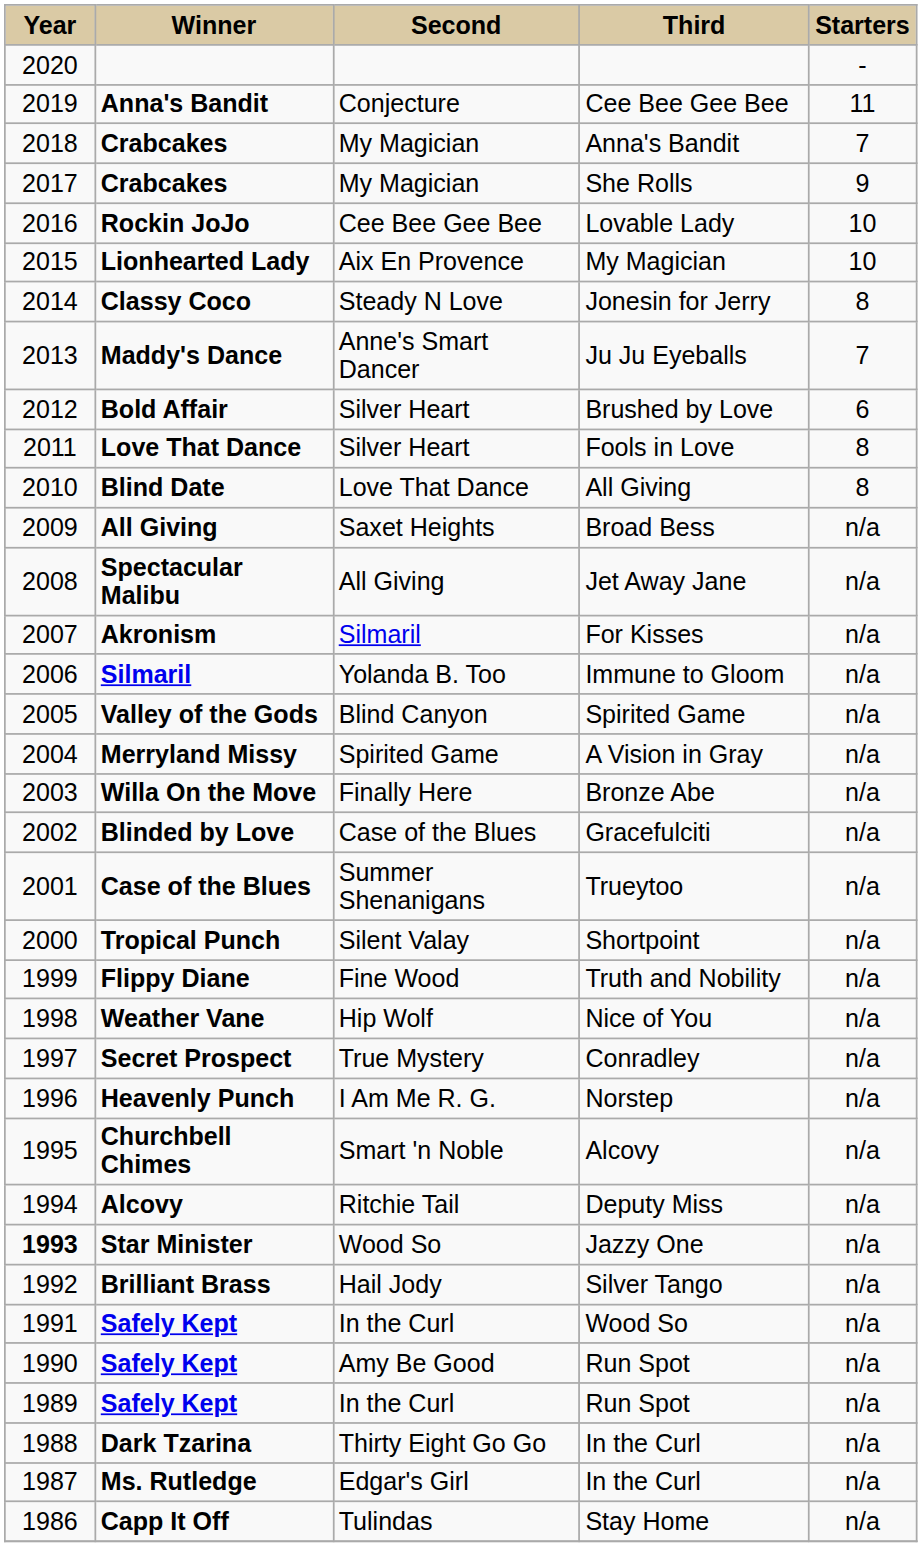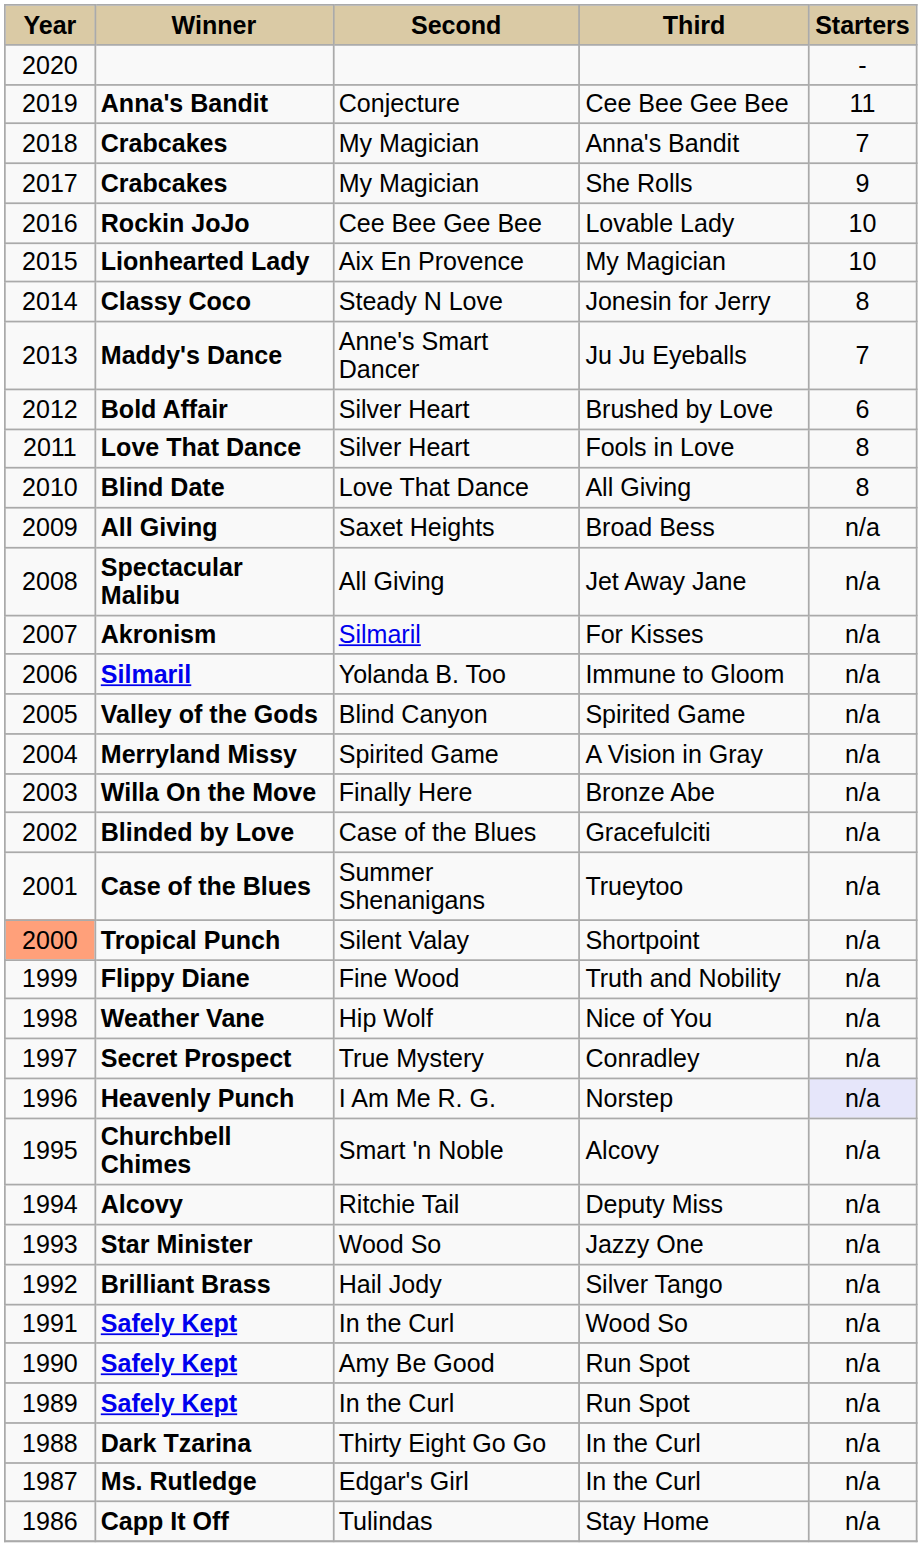 <table class = "wikitable sortable" | border="1" cellpadding="0" style="border-collapse: collapse; font-size:90%">
 <tr bgcolor="#DACAA5" align="center">
 <td width="45px"><strong>Year</strong> <br></td>
 <td width="130px"><strong>Winner</strong> <br></td>
 <td width="135px"><strong>Second</strong> <br></td>
 <td width="125px"><strong>Third</strong> <br></td>
 <td width="55px"><strong>Starters</strong></td>
 </tr>
 <tr>
 <td align=center>2020</td>
 <td></td>
 <td></td>
 <td></td>
 <td align=center>-</td>
 </tr>
 <tr>
 <td align=center>2019</td>
 <td><strong>Anna's Bandit</strong></td>
 <td>Conjecture</td>
 <td>Cee Bee Gee Bee</td>
 <td align=center>11</td>
 </tr>
 <tr>
 <td align=center>2018</td>
 <td><strong>Crabcakes</strong></td>
 <td>My Magician</td>
 <td>Anna's Bandit</td>
 <td align=center>7</td>
 </tr>
 <tr>
 <td align=center>2017</td>
 <td><strong>Crabcakes</strong></td>
 <td>My Magician</td>
 <td>She Rolls</td>
 <td align=center>9</td>
 </tr>
 <tr>
 <td align=center>2016</td>
 <td><strong>Rockin JoJo</strong></td>
 <td>Cee Bee Gee Bee</td>
 <td>Lovable Lady</td>
 <td align=center>10</td>
 </tr>
 <tr>
 <td align=center>2015</td>
 <td><strong>Lionhearted Lady</strong></td>
 <td>Aix En Provence</td>
 <td>My Magician</td>
 <td align=center>10</td>
 </tr>
 <tr>
 <td align=center>2014</td>
 <td><strong>Classy Coco</strong></td>
 <td>Steady N Love</td>
 <td>Jonesin for Jerry</td>
 <td align=center>8</td>
 </tr>
 <tr>
 <td align=center>2013</td>
 <td><strong>Maddy's Dance</strong></td>
 <td>Anne's Smart Dancer</td>
 <td>Ju Ju Eyeballs</td>
 <td align=center>7</td>
 </tr>
 <tr>
 <td align=center>2012</td>
 <td><strong>Bold Affair</strong></td>
 <td>Silver Heart</td>
 <td>Brushed by Love</td>
 <td align=center>6</td>
 </tr>
 <tr>
 <td align=center>2011</td>
 <td><strong>Love That Dance</strong></td>
 <td>Silver Heart</td>
 <td>Fools in Love</td>
 <td align=center>8</td>
 </tr>
 <tr>
 <td align=center>2010</td>
 <td><strong>Blind Date</strong></td>
 <td>Love That Dance</td>
 <td>All Giving</td>
 <td align=center>8</td>
 </tr>
 <tr>
 <td align=center>2009</td>
 <td><strong>All Giving</strong></td>
 <td>Saxet Heights</td>
 <td>Broad Bess</td>
 <td align=center>n/a</td>
 </tr>
 <tr>
 <td align=center>2008</td>
 <td><strong>Spectacular Malibu</strong></td>
 <td>All Giving</td>
 <td>Jet Away Jane</td>
 <td align=center>n/a</td>
 </tr>
 <tr>
 <td align=center>2007</td>
 <td><strong>Akronism</strong></td>
 <td><a href='#'>Silmaril</a></td>
 <td>For Kisses</td>
 <td align=center>n/a</td>
 </tr>
 <tr>
 <td align=center>2006</td>
 <td><strong><a href='#'>Silmaril</a></strong></td>
 <td>Yolanda B. Too</td>
 <td>Immune to Gloom</td>
 <td align=center>n/a</td>
 </tr>
 <tr>
 <td align=center>2005</td>
 <td><strong>Valley of the Gods</strong></td>
 <td>Blind Canyon</td>
 <td>Spirited Game</td>
 <td align=center>n/a</td>
 </tr>
 <tr>
 <td align=center>2004</td>
 <td><strong>Merryland Missy</strong></td>
 <td>Spirited Game</td>
 <td>A Vision in Gray</td>
 <td align=center>n/a</td>
 </tr>
 <tr>
 <td align=center>2003</td>
 <td><strong>Willa On the Move</strong></td>
 <td>Finally Here</td>
 <td>Bronze Abe</td>
 <td align=center>n/a</td>
 </tr>
 <tr>
 <td align=center>2002</td>
 <td><strong>Blinded by Love</strong></td>
 <td>Case of the Blues</td>
 <td>Gracefulciti</td>
 <td align=center>n/a</td>
 </tr>
 <tr>
 <td align=center>2001</td>
 <td><strong>Case of the Blues</strong></td>
 <td>Summer Shenanigans</td>
 <td>Trueytoo</td>
 <td align=center>n/a</td>
 </tr>
 <tr>
-<td align=center>2000</td>
+<td align=center style="background: lightsalmon;">2000</td>
 <td><strong>Tropical Punch</strong></td>
 <td>Silent Valay</td>
 <td>Shortpoint</td>
 <td align=center>n/a</td>
 </tr>
 <tr>
 <td align=center>1999</td>
 <td><strong>Flippy Diane</strong></td>
 <td>Fine Wood</td>
 <td>Truth and Nobility</td>
 <td align=center>n/a</td>
 </tr>
 <tr>
 <td align=center>1998</td>
 <td><strong>Weather Vane</strong></td>
 <td>Hip Wolf</td>
 <td>Nice of You</td>
 <td align=center>n/a</td>
 </tr>
 <tr>
 <td align=center>1997</td>
 <td><strong>Secret Prospect</strong></td>
 <td>True Mystery</td>
 <td>Conradley</td>
 <td align=center>n/a</td>
 </tr>
 <tr>
 <td align=center>1996</td>
 <td><strong>Heavenly Punch</strong></td>
 <td>I Am Me R. G.</td>
 <td>Norstep</td>
-<td align=center>n/a</td>
+<td align=center style="background: lavender;">n/a</td>
 </tr>
 <tr>
 <td align=center>1995</td>
 <td><strong>Churchbell Chimes</strong></td>
 <td>Smart 'n Noble</td>
 <td>Alcovy</td>
 <td align=center>n/a</td>
 </tr>
 <tr>
 <td align=center>1994</td>
 <td><strong>Alcovy</strong></td>
 <td>Ritchie Tail</td>
 <td>Deputy Miss</td>
 <td align=center>n/a</td>
 </tr>
 <tr>
-<td align=center><strong>1993</strong></td>
+<td align=center>1993</td>
 <td><strong>Star Minister</strong></td>
 <td>Wood So</td>
 <td>Jazzy One</td>
 <td align=center>n/a</td>
 </tr>
 <tr>
 <td align=center>1992</td>
 <td><strong>Brilliant Brass</strong></td>
 <td>Hail Jody</td>
 <td>Silver Tango</td>
 <td align=center>n/a</td>
 </tr>
 <tr>
 <td align=center>1991</td>
 <td><strong><a href='#'>Safely Kept</a></strong></td>
 <td>In the Curl</td>
 <td>Wood So</td>
 <td align=center>n/a</td>
 </tr>
 <tr>
 <td align=center>1990</td>
 <td><strong><a href='#'>Safely Kept</a></strong></td>
 <td>Amy Be Good</td>
 <td>Run Spot</td>
 <td align=center>n/a</td>
 </tr>
 <tr>
 <td align=center>1989</td>
 <td><strong><a href='#'>Safely Kept</a></strong></td>
 <td>In the Curl</td>
 <td>Run Spot</td>
 <td align=center>n/a</td>
 </tr>
 <tr>
 <td align=center>1988</td>
 <td><strong>Dark Tzarina</strong></td>
 <td>Thirty Eight Go Go</td>
 <td>In the Curl</td>
 <td align=center>n/a</td>
 </tr>
 <tr>
 <td align=center>1987</td>
 <td><strong>Ms. Rutledge</strong></td>
 <td>Edgar's Girl</td>
 <td>In the Curl</td>
 <td align=center>n/a</td>
 </tr>
 <tr>
 <td align=center>1986</td>
 <td><strong>Capp It Off</strong></td>
 <td>Tulindas</td>
 <td>Stay Home</td>
 <td align=center>n/a</td>
 </tr>
 <tr>
 </tr>
 </table>
